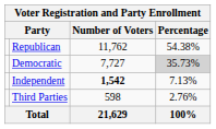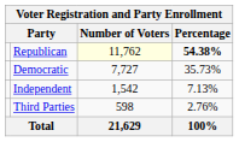 <table class="wikitable float">
 <tr>
 <th colspan = 6>Voter Registration and Party Enrollment</th>
 </tr>
 <tr>
 <th colspan = 2>Party</th>
 <th>Number of Voters</th>
 <th>Percentage</th>
 </tr>
 <tr>
 <td></td>
 <td><a href='#'>Republican</a></td>
-<td style="text-align:center;">11,762</td>
-<td style="text-align:center;">54.38%</td>
+<td style="background: lightyellow; text-align:center;">11,762</td>
+<td style="text-align:center;"><strong>54.38%</strong></td>
 </tr>
 <tr>
 <td></td>
 <td><a href='#'>Democratic</a></td>
 <td style="text-align:center;">7,727</td>
-<td style="background: lightgrey; text-align:center;">35.73%</td>
+<td style="text-align:center;">35.73%</td>
 </tr>
 <tr>
 <td></td>
 <td><a href='#'>Independent</a></td>
-<td style="text-align:center;"><strong>1,542</strong></td>
+<td style="text-align:center;">1,542</td>
 <td style="text-align:center;">7.13%</td>
 </tr>
 <tr>
 <td></td>
 <td><a href='#'>Third Parties</a></td>
 <td style="text-align:center;">598</td>
 <td style="text-align:center;">2.76%</td>
 </tr>
 <tr>
 <th colspan="2">Total</th>
 <th style="text-align:center;">21,629</th>
 <th style="text-align:center;">100%</th>
 </tr>
 </table>
